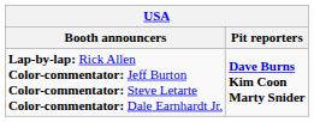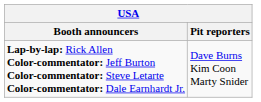 <table class="wikitable" style="font-size: 95%">
 <tr>
 <th colspan="2"><a href='#'>USA</a></th>
 </tr>
 <tr>
 <th>Booth announcers</th>
 <th>Pit reporters</th>
 </tr>
 <tr>
 <td><strong>Lap-by-lap:</strong> <a href='#'>Rick Allen</a><br><strong>Color-commentator:</strong> <a href='#'>Jeff Burton</a><br><strong>Color-commentator:</strong> <a href='#'>Steve Letarte</a><br><strong>Color-commentator:</strong> <a href='#'>Dale Earnhardt Jr.</a></td>
-<td><strong><a href='#'>Dave Burns</a><br>Kim Coon<br>Marty Snider</strong></td>
+<td><a href='#'>Dave Burns</a><br>Kim Coon<br>Marty Snider</td>
 </tr>
 </table>
